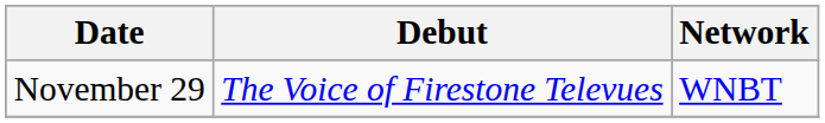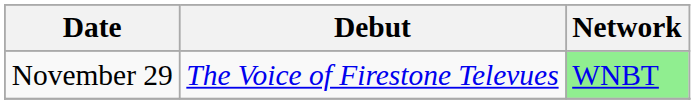 <table class="wikitable sortable">
 <tr>
 <th>Date</th>
 <th>Debut</th>
 <th>Network</th>
 </tr>
 <tr>
 <td>November 29</td>
 <td><em><a href='#'>The Voice of Firestone Televues</a></em></td>
-<td><a href='#'>WNBT</a></td>
+<td style="background: lightgreen;"><a href='#'>WNBT</a></td>
 </tr>
 <tr>
 </tr>
 <tr>
 </tr>
 </table>
